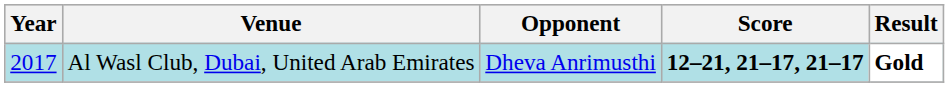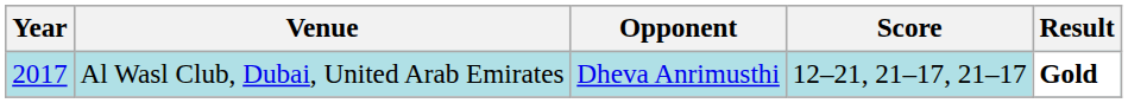 <table class="sortable wikitable" style="font-size: 90%;">
 <tr>
 <th>Year</th>
 <th>Venue</th>
 <th>Opponent</th>
 <th>Score</th>
 <th>Result</th>
 </tr>
 <tr style="background:#B0E0E6">
 <td rowspan="3" align="center"><a href='#'>2017</a></td>
 <td rowspan="3" align="left">Al Wasl Club, <a href='#'>Dubai</a>, United Arab Emirates</td>
 <td align="left"> <a href='#'>Dheva Anrimusthi</a></td>
-<td align="left"><strong>12–21, 21–17, 21–17</strong></td>
+<td align="left">12–21, 21–17, 21–17</td>
 <td style="text-align:left; background:white"> <strong>Gold</strong></td>
 </tr>
 </table>
